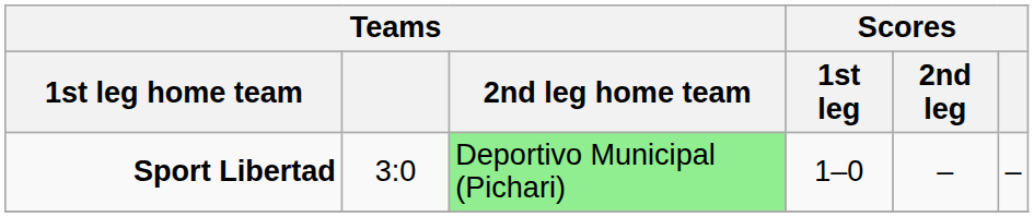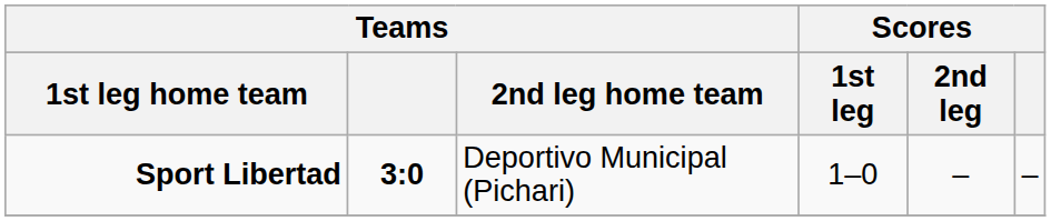 <table class="wikitable" style="text-align: center;">
 <tr>
 <th colspan=3>Teams</th>
 <th colspan=3>Scores</th>
 </tr>
 <tr>
 <th width="175">1st leg home team</th>
 <th width="50"></th>
 <th width="175">2nd leg home team</th>
 <th width="50">1st leg</th>
 <th width="50">2nd leg</th>
 <th></th>
 </tr>
 <tr>
 <td align=right><strong>Sport Libertad</strong></td>
-<td>3:0</td>
-<td align=left style="background: lightgreen;">Deportivo Municipal (Pichari)</td>
+<td><strong>3:0</strong></td>
+<td align=left>Deportivo Municipal (Pichari)</td>
 <td>1–0</td>
 <td>–</td>
 <td>–</td>
 </tr>
 <tr>
 </tr>
 </table>
